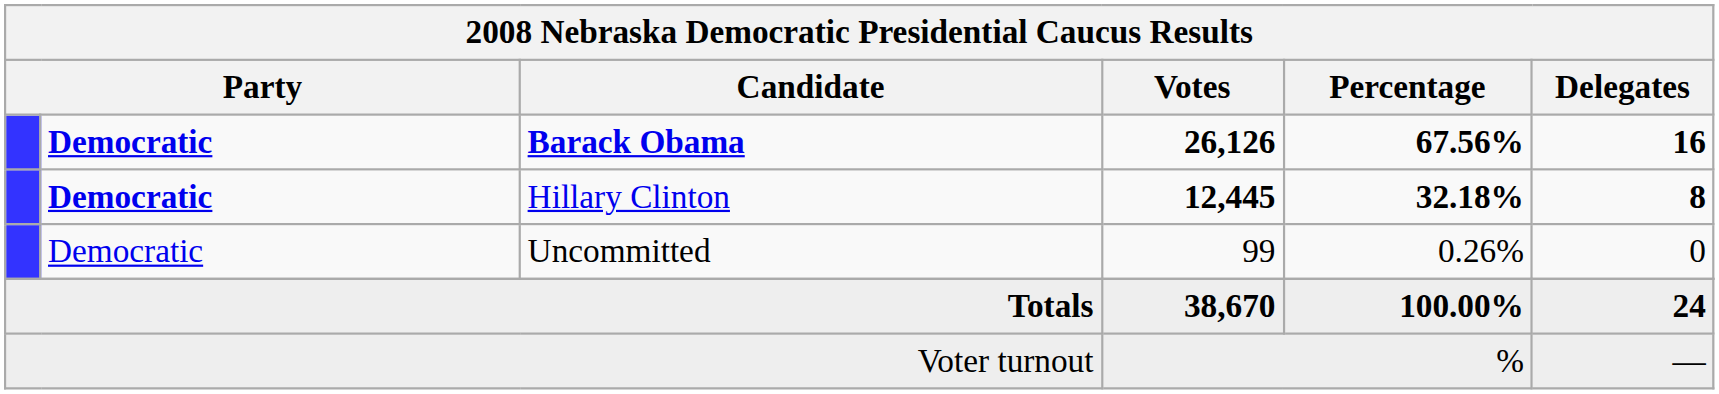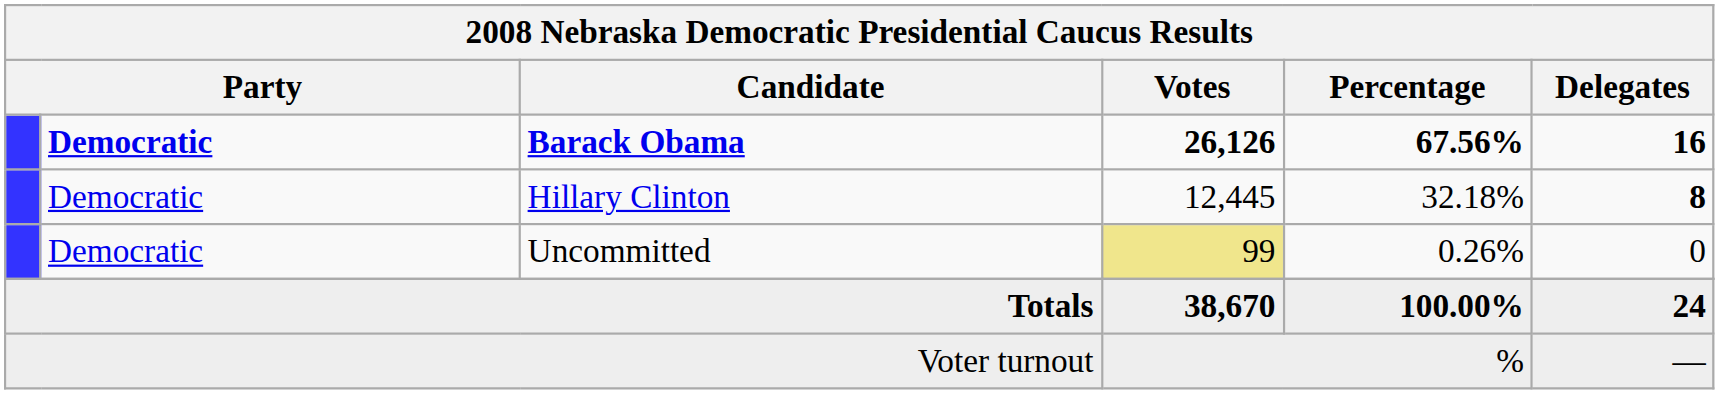 <table class="wikitable" style="font-size:95%;">
 <tr>
 <th colspan="7">2008 Nebraska Democratic Presidential Caucus Results</th>
 </tr>
 <tr>
 <th colspan="2" style="width: 15em">Party</th>
 <th style="width: 17em">Candidate</th>
 <th style="width: 5em">Votes</th>
 <th style="width: 7em">Percentage</th>
 <th style="width: 5em">Delegates</th>
 </tr>
 <tr>
 <th style="background-color:#3333FF; width: 3px"></th>
 <td style="width: 130px"><strong><a href='#'>Democratic</a></strong></td>
 <td><strong><a href='#'>Barack Obama</a></strong></td>
 <td align="right"><strong>26,126</strong></td>
 <td align="right"><strong>67.56%</strong></td>
 <td align="right"><strong>16</strong></td>
 </tr>
 <tr>
 <th style="background-color:#3333FF; width: 3px"></th>
-<td style="width: 130px"><strong><a href='#'>Democratic</a></strong></td>
+<td style="width: 130px"><a href='#'>Democratic</a></td>
 <td><a href='#'>Hillary Clinton</a></td>
-<td align="right"><strong>12,445</strong></td>
-<td align="right"><strong>32.18%</strong></td>
+<td align="right">12,445</td>
+<td align="right">32.18%</td>
 <td align="right"><strong>8</strong></td>
 </tr>
 <tr>
 <th style="background-color:#3333FF; width: 3px"></th>
 <td style="width: 130px"><a href='#'>Democratic</a></td>
 <td>Uncommitted</td>
-<td align="right">99</td>
+<td align="right" style="background: khaki;">99</td>
 <td align="right">0.26%</td>
 <td align="right">0</td>
 </tr>
 <tr>
 </tr>
 <tr bgcolor="#EEEEEE">
 <td colspan="3" align="right"><strong>Totals</strong></td>
 <td align="right"><strong>38,670</strong></td>
 <td align="right"><strong>100.00%</strong></td>
 <td align="right"><strong>24</strong></td>
 </tr>
 <tr bgcolor="#EEEEEE">
 <td colspan="3" align="right">Voter turnout</td>
 <td colspan="2" align="right">%</td>
 <td align="right">—</td>
 </tr>
 </table>
